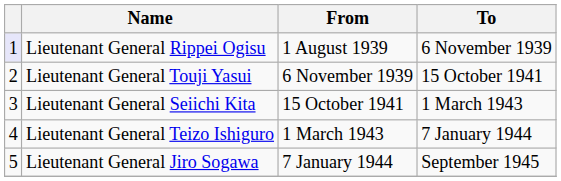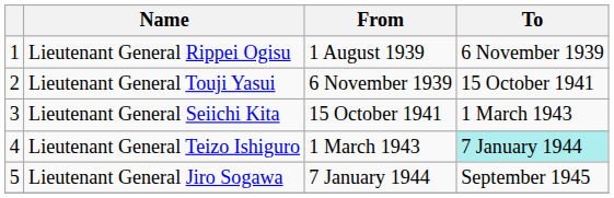 <table class=wikitable>
 <tr>
 <th></th>
 <th>Name</th>
 <th>From</th>
 <th>To</th>
 </tr>
 <tr>
-<td style="background: lavender;">1</td>
+<td>1</td>
 <td>Lieutenant General <a href='#'>Rippei Ogisu</a></td>
 <td>1 August 1939</td>
 <td>6 November 1939</td>
 </tr>
 <tr>
 <td>2</td>
 <td>Lieutenant General <a href='#'>Touji Yasui</a></td>
 <td>6 November 1939</td>
 <td>15 October 1941</td>
 </tr>
 <tr>
 <td>3</td>
 <td>Lieutenant General <a href='#'>Seiichi Kita</a></td>
 <td>15 October 1941</td>
 <td>1 March 1943</td>
 </tr>
 <tr>
 <td>4</td>
 <td>Lieutenant General <a href='#'>Teizo Ishiguro</a></td>
 <td>1 March 1943</td>
-<td>7 January 1944</td>
+<td style="background: paleturquoise;">7 January 1944</td>
 </tr>
 <tr>
 <td>5</td>
 <td>Lieutenant General <a href='#'>Jiro Sogawa</a></td>
 <td>7 January 1944</td>
 <td>September 1945</td>
 </tr>
 <tr>
 </tr>
 </table>
